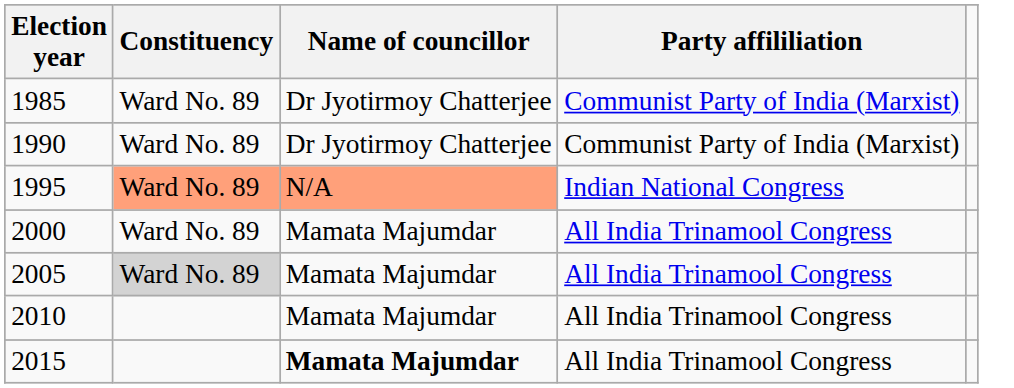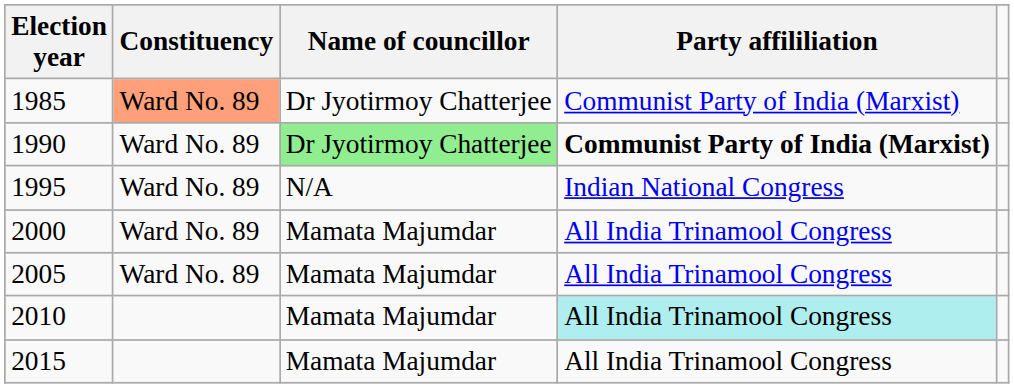 <table class="wikitable"ìÍĦĤĠčw>
 <tr>
 <th>Election<br> year</th>
 <th>Constituency</th>
 <th>Name of councillor</th>
 <th>Party affililiation</th>
 </tr>
 <tr>
 <td>1985</td>
-<td>Ward No. 89</td>
+<td style="background: lightsalmon;">Ward No. 89</td>
 <td>Dr Jyotirmoy Chatterjee</td>
 <td><a href='#'>Communist Party of India (Marxist)</a></td>
 <td></td>
 </tr>
 <tr>
 <td>1990</td>
 <td>Ward No. 89</td>
-<td>Dr Jyotirmoy Chatterjee</td>
-<td>Communist Party of India (Marxist)</td>
+<td style="background: lightgreen;">Dr Jyotirmoy Chatterjee</td>
+<td><strong>Communist Party of India (Marxist)</strong></td>
 <td></td>
 </tr>
 <tr>
 <td>1995</td>
-<td style="background: lightsalmon;">Ward No. 89</td>
-<td style="background: lightsalmon;">N/A</td>
+<td>Ward No. 89</td>
+<td>N/A</td>
 <td><a href='#'>Indian National Congress</a></td>
 <td></td>
 </tr>
 <tr>
 <td>2000</td>
 <td>Ward No. 89</td>
 <td>Mamata Majumdar</td>
 <td><a href='#'>All India Trinamool Congress</a></td>
 <td></td>
 </tr>
 <tr>
 <td>2005</td>
-<td style="background: lightgrey;">Ward No. 89</td>
+<td>Ward No. 89</td>
 <td>Mamata Majumdar</td>
 <td><a href='#'>All India Trinamool Congress</a></td>
 <td></td>
 </tr>
 <tr>
 <td>2010</td>
 <td></td>
 <td>Mamata Majumdar</td>
-<td>All India Trinamool Congress</td>
+<td style="background: paleturquoise;">All India Trinamool Congress</td>
 <td></td>
 </tr>
 <tr>
 <td>2015</td>
 <td></td>
-<td><strong>Mamata Majumdar</strong></td>
+<td>Mamata Majumdar</td>
 <td>All India Trinamool Congress</td>
 <td></td>
 </tr>
 </table>
